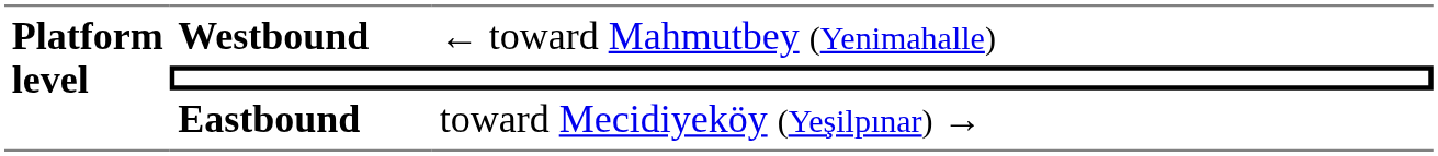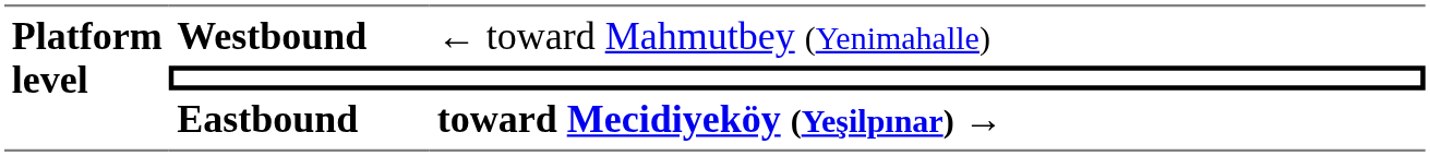 <table cellpadding="3" cellspacing="0" border="0">
 <tr>
 <td rowspan="3" width="50" style="border-top-color: gray; border-bottom-color: gray; border-top-width: 1px; border-bottom-width: 1px; border-top-style: solid; border-bottom-style: solid;" valign="top"><strong>Platform level</strong></td>
 <td width="100" style="border-top-color: gray; border-top-width: 1px; border-top-style: solid;"><strong>Westbound</strong></td>
 <td width="400" style="border-top-color: gray; border-top-width: 1px; border-top-style: solid;">←  toward <a href='#'>Mahmutbey</a> <small>(<a href='#'>Yenimahalle</a>)</small></td>
 </tr>
 <tr>
 <td colspan="2" style="border: 2px solid black; border-image: none; text-align: center;"></td>
 </tr>
 <tr>
 <td style="border-bottom-color: gray; border-bottom-width: 1px; border-bottom-style: solid;"><strong>Eastbound</strong></td>
-<td style="border-bottom-color: gray; border-bottom-width: 1px; border-bottom-style: solid;"> toward <a href='#'>Mecidiyeköy</a> <small>(<a href='#'>Yeşilpınar</a>)</small> →</td>
+<td style="border-bottom-color: gray; border-bottom-width: 1px; border-bottom-style: solid;"><strong> toward <a href='#'>Mecidiyeköy</a> <small>(<a href='#'>Yeşilpınar</a>)</small> →</strong></td>
 </tr>
 </table>
